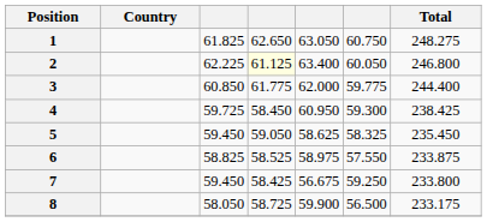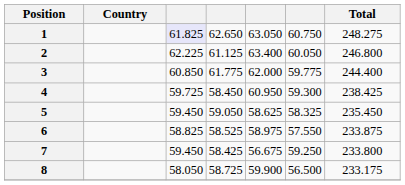 <table class="wikitable sortable" style="text-align:center; ">
 <tr>
 <th>Position</th>
 <th>Country</th>
 <th width="10%"></th>
 <th width="10%"></th>
 <th width="10%"></th>
 <th width="10%"></th>
 <th>Total</th>
 </tr>
 <tr>
 <th>1</th>
 <td align="left"></td>
-<td>61.825</td>
+<td style="background: lavender;">61.825</td>
 <td>62.650</td>
 <td>63.050</td>
 <td>60.750</td>
 <td>248.275</td>
 </tr>
 <tr>
 <th>2</th>
 <td align="left"></td>
 <td>62.225</td>
-<td style="background: lightyellow;">61.125</td>
+<td>61.125</td>
 <td>63.400</td>
 <td>60.050</td>
 <td>246.800</td>
 </tr>
 <tr>
 <th>3</th>
 <td align="left"></td>
 <td>60.850</td>
 <td>61.775</td>
 <td>62.000</td>
 <td>59.775</td>
 <td>244.400</td>
 </tr>
 <tr>
 <th>4</th>
 <td align="left"></td>
 <td>59.725</td>
 <td>58.450</td>
 <td>60.950</td>
 <td>59.300</td>
 <td>238.425</td>
 </tr>
 <tr>
 <th>5</th>
 <td align="left"></td>
 <td>59.450</td>
 <td>59.050</td>
 <td>58.625</td>
 <td>58.325</td>
 <td>235.450</td>
 </tr>
 <tr>
 <th>6</th>
 <td align="left"></td>
 <td>58.825</td>
 <td>58.525</td>
 <td>58.975</td>
 <td>57.550</td>
 <td>233.875</td>
 </tr>
 <tr>
 <th>7</th>
 <td align="left"></td>
 <td>59.450</td>
 <td>58.425</td>
 <td>56.675</td>
 <td>59.250</td>
 <td>233.800</td>
 </tr>
 <tr>
 <th>8</th>
 <td align="left"></td>
 <td>58.050</td>
 <td>58.725</td>
 <td>59.900</td>
 <td>56.500</td>
 <td>233.175</td>
 </tr>
 <tr>
 </tr>
 </table>
